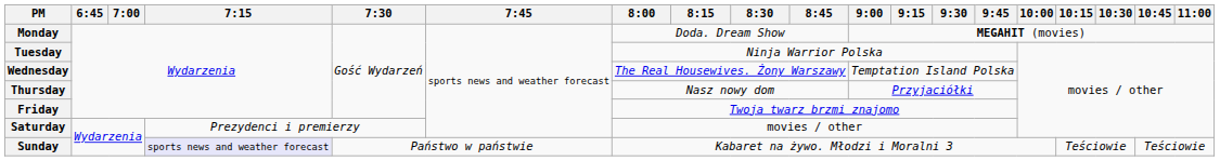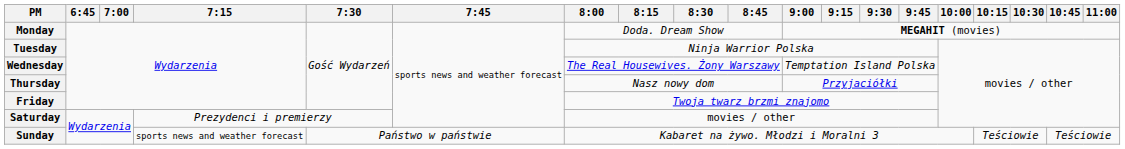 <table class="wikitable" style="text-align:center; font-size:90%">
 <tr>
 <th>PM</th>
 <th>6:45</th>
 <th>7:00</th>
 <th>7:15</th>
 <th>7:30</th>
 <th>7:45</th>
 <th>8:00</th>
 <th>8:15</th>
 <th>8:30</th>
 <th>8:45</th>
 <th>9:00</th>
 <th>9:15</th>
 <th>9:30</th>
 <th>9:45</th>
 <th>10:00</th>
 <th>10:15</th>
 <th>10:30</th>
 <th>10:45</th>
 <th>11:00</th>
 </tr>
 <tr>
 <th>Monday</th>
 <td colspan="3" rowspan="5"><em><a href='#'>Wydarzenia</a></em></td>
 <td rowspan="5"><em>Gość Wydarzeń</em></td>
 <td rowspan="6"><small>sports news and weather forecast</small></td>
 <td colspan="4"><em>Doda. Dream Show</em></td>
 <td colspan="9"><strong>MEGAHIT</strong> (movies)</td>
 </tr>
 <tr>
 <th>Tuesday</th>
 <td colspan="8"><em>Ninja Warrior Polska</em></td>
 <td colspan="5" rowspan="5">movies / other</td>
 </tr>
 <tr>
 <th>Wednesday</th>
 <td colspan="4"><em><a href='#'>The Real Housewives. Żony Warszawy</a></em></td>
 <td colspan="4"><em>Temptation Island Polska</em></td>
 </tr>
 <tr>
 <th>Thursday</th>
 <td colspan="4"><em>Nasz nowy dom</em></td>
 <td colspan="4"><em><a href='#'>Przyjaciółki</a></em></td>
 </tr>
 <tr>
 <th>Friday</th>
 <td colspan="8"><em><a href='#'>Twoja twarz brzmi znajomo</a></em></td>
 </tr>
 <tr>
 <th>Saturday</th>
 <td colspan="2" rowspan="2"><em><a href='#'>Wydarzenia</a></em></td>
 <td colspan="2"><em>Prezydenci i premierzy</em></td>
 <td colspan="8">movies / other</td>
 </tr>
 <tr>
 <th>Sunday</th>
-<td style="background: lavender;"><small>sports news and weather forecast</small></td>
+<td><small>sports news and weather forecast</small></td>
 <td colspan="2"><em>Państwo w państwie</em></td>
 <td colspan="9"><em>Kabaret na żywo. Młodzi i Moralni 3</em></td>
 <td colspan="2"><em>Teściowie</em></td>
 <td colspan="2"><em>Teściowie</em></td>
 </tr>
 </table>
